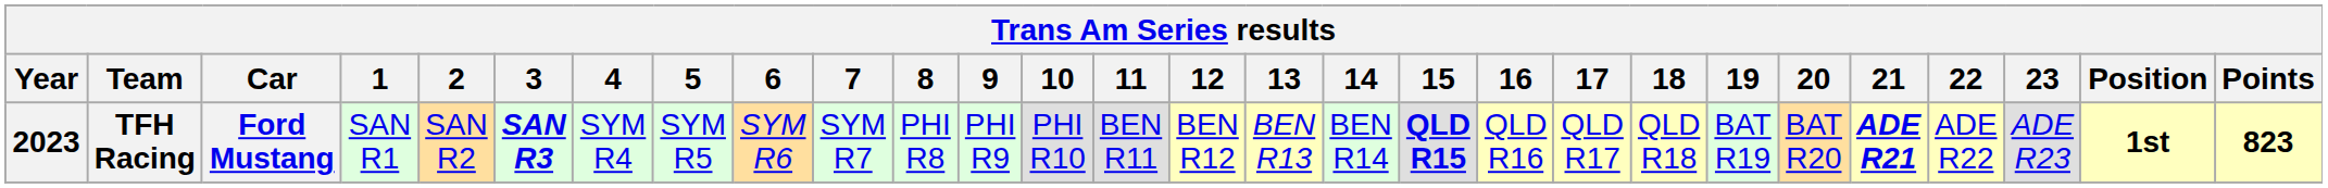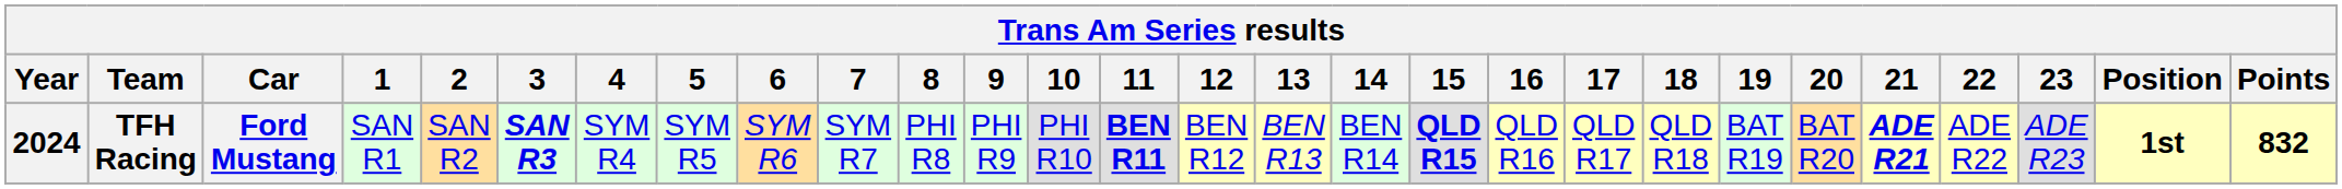 <table class="wikitable" style="text-align:center; font-size:90%">
 <tr>
 <th colspan=45><a href='#'>Trans Am Series</a> results</th>
 </tr>
 <tr>
 <th>Year</th>
 <th>Team</th>
 <th>Car</th>
 <th>1</th>
 <th>2</th>
 <th>3</th>
 <th>4</th>
 <th>5</th>
 <th>6</th>
 <th>7</th>
 <th>8</th>
 <th>9</th>
 <th>10</th>
 <th>11</th>
 <th>12</th>
 <th>13</th>
 <th>14</th>
 <th>15</th>
 <th>16</th>
 <th>17</th>
 <th>18</th>
 <th>19</th>
 <th>20</th>
 <th>21</th>
 <th>22</th>
 <th>23</th>
 <th>Position</th>
 <th>Points</th>
 </tr>
 <tr>
-<th 2024 Australian TransAm Series>2023</th>
+<th 2024 Australian TransAm Series>2024</th>
 <th>TFH Racing</th>
 <th><a href='#'>Ford Mustang</a></th>
 <td style="background:#dfffdf"><a href='#'>SAN<br>R1</a><br></td>
 <td style="background:#ffdf9f"><a href='#'>SAN<br>R2</a><br></td>
 <td style="background:#dfffdf"><strong><em><a href='#'>SAN<br>R3</a><br></em></strong></td>
 <td style="background:#dfffdf"><a href='#'>SYM<br>R4</a><br></td>
 <td style="background:#dfffdf"><a href='#'>SYM<br>R5</a><br></td>
 <td style="background:#ffdf9f"><em><a href='#'>SYM<br>R6</a><br></em></td>
 <td style="background:#dfffdf"><a href='#'>SYM<br>R7</a><br></td>
 <td style="background:#dfffdf"><a href='#'>PHI<br>R8</a><br></td>
 <td style="background:#dfffdf"><a href='#'>PHI<br>R9</a><br></td>
 <td style="background:#dfdfdf"><a href='#'>PHI<br>R10</a><br></td>
-<td style="background:#dfdfdf"><a href='#'>BEN<br>R11</a><br></td>
+<td style="background:#dfdfdf"><strong><a href='#'>BEN<br>R11</a><br></strong></td>
 <td style="background:#ffffbf"><a href='#'>BEN<br>R12</a><br></td>
 <td style="background:#ffffbf"><em><a href='#'>BEN<br>R13</a><br></em></td>
 <td style="background:#dfffdf"><a href='#'>BEN<br>R14</a><br></td>
 <td style="background:#dfdfdf"><strong><a href='#'>QLD<br>R15</a><br></strong></td>
 <td style="background:#ffffbf"><a href='#'>QLD<br>R16</a><br></td>
 <td style="background:#ffffbf"><a href='#'>QLD<br>R17</a><br></td>
 <td style="background:#ffffbf"><a href='#'>QLD<br>R18</a><br></td>
 <td style="background:#dfffdf"><a href='#'>BAT<br>R19</a><br></td>
 <td style="background:#ffdf9f"><a href='#'>BAT<br>R20</a><br></td>
 <td style="background:#ffffbf"><strong><em><a href='#'>ADE<br>R21</a><br></em></strong></td>
 <td style="background:#ffffbf"><a href='#'>ADE<br>R22</a><br></td>
 <td style="background:#dfdfdf"><em><a href='#'>ADE<br>R23</a><br></em></td>
 <th style="background: #ffffbf">1st</th>
-<th style="background: #ffffbf">823</th>
+<th style="background: #ffffbf">832</th>
 </tr>
 </table>
